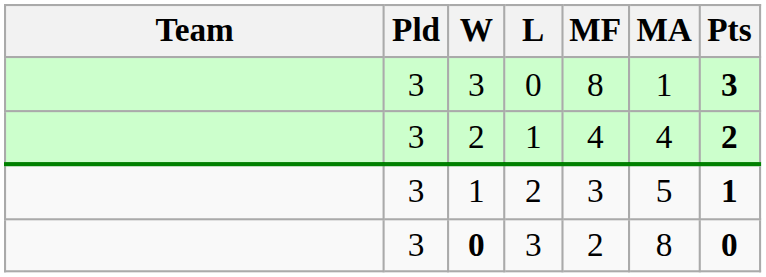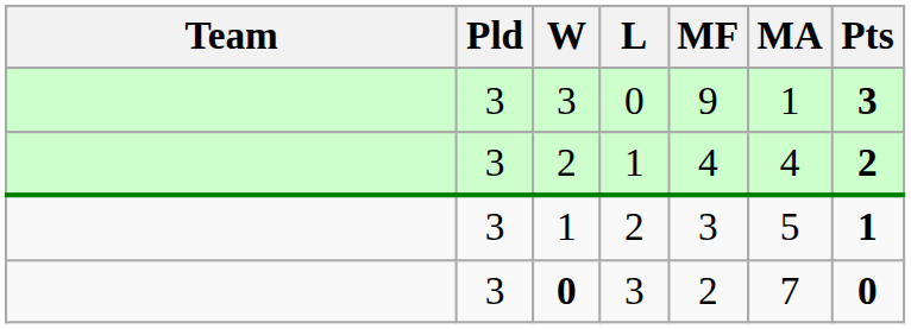 <table class=wikitable style="text-align:center">
 <tr>
 <th width=175>Team</th>
 <th width=20>Pld</th>
 <th width=20>W</th>
 <th width=20>L</th>
 <th width=20>MF</th>
 <th width=20>MA</th>
 <th width=20>Pts</th>
 </tr>
 <tr bgcolor=ccffcc>
 <td style="text-align:left"></td>
 <td>3</td>
 <td>3</td>
 <td>0</td>
-<td>8</td>
+<td>9</td>
 <td>1</td>
 <td><strong>3</strong></td>
 </tr>
 <tr bgcolor=ccffcc style="border-bottom:2px solid green;">
 <td style="text-align:left"></td>
 <td>3</td>
 <td>2</td>
 <td>1</td>
 <td>4</td>
 <td>4</td>
 <td><strong>2</strong></td>
 </tr>
 <tr>
 <td style="text-align:left"></td>
 <td>3</td>
 <td>1</td>
 <td>2</td>
 <td>3</td>
 <td>5</td>
 <td><strong>1</strong></td>
 </tr>
 <tr>
 <td style="text-align:left"></td>
 <td>3</td>
 <td><strong>0</strong></td>
 <td>3</td>
 <td>2</td>
-<td>8</td>
+<td>7</td>
 <td><strong>0</strong></td>
 </tr>
 </table>
